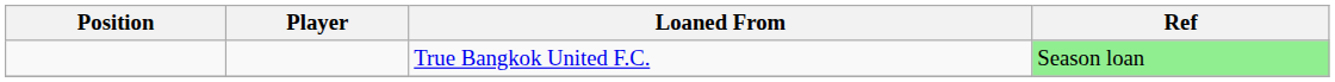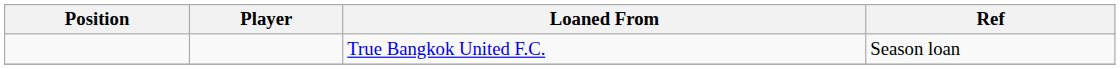 <table class="wikitable sortable" style="width:60%; text-align:center; font-size:100%; text-align:left;">
 <tr>
 <th>Position</th>
 <th>Player</th>
 <th>Loaned From</th>
 <th>Ref</th>
 </tr>
 <tr>
 <td></td>
 <td></td>
 <td> <a href='#'>True Bangkok United F.C.</a></td>
-<td style="background: lightgreen;">Season loan </td>
+<td>Season loan </td>
 </tr>
 <tr>
 </tr>
 </table>
